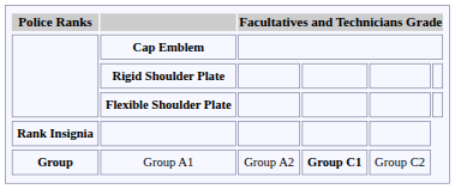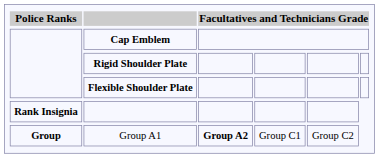 <table style="border:1px solid #8888aa; background-color:#f7f8ff; padding:5px; font-size:95%; margin:0px 12px 12px 0px;">
 <tr>
 </tr>
 <tr bgcolor="#CCCCCC">
 <th><strong>Police Ranks</strong></th>
 <th colspan=1></th>
 <th colspan=4>Facultatives and Technicians Grade</th>
 </tr>
 <tr>
 </tr>
 <tr>
 <td align="center" rowspan=5 style="border:1px solid #8888aa; background-color:#f7f8ff; padding:5px; font-size:95%; margin:0px 12px 12px 0px;"><strong></strong></td>
 <td align="center" colspan=1 style="border:1px solid #8888aa; background-color:#f7f8ff; padding:5px; font-size:95%; margin:0px 12px 12px 0px;"><strong>Cap Emblem</strong></td>
 <td align="center" colspan=4 style="border:1px solid #8888aa; background-color:#f7f8ff; padding:5px; font-size:95%; margin:0px 12px 12px 0px;"></td>
 </tr>
 <tr rowspan="2">
 </tr>
 <tr align="center">
 <td align="center" colspan=1 style="border:1px solid #8888aa; background-color:#f7f8ff; padding:5px; font-size:95%; margin:0px 12px 12px 0px;"><strong>Rigid Shoulder Plate</strong></td>
 <td align="center" colspan=1 style="border:1px solid #8888aa; background-color:#f7f8ff; padding:5px; font-size:95%; margin:0px 12px 12px 0px;"></td>
 <td align="center" colspan=1 style="border:1px solid #8888aa; background-color:#f7f8ff; padding:5px; font-size:95%; margin:0px 12px 12px 0px;"></td>
 <td align="center" colspan=1 style="border:1px solid #8888aa; background-color:#f7f8ff; padding:5px; font-size:95%; margin:0px 12px 12px 0px;"></td>
 <td align="center" colspan=1 style="border:1px solid #8888aa; background-color:#f7f8ff; padding:5px; font-size:95%; margin:0px 12px 12px 0px;"></td>
 </tr>
 <tr rowspan="2">
 </tr>
 <tr align="center">
 <td align="center" colspan=1 style="border:1px solid #8888aa; background-color:#f7f8ff; padding:5px; font-size:95%; margin:0px 12px 12px 0px;"><strong>Flexible Shoulder Plate</strong></td>
 <td align="center" colspan=1 style="border:1px solid #8888aa; background-color:#f7f8ff; padding:5px; font-size:95%; margin:0px 12px 12px 0px;"></td>
 <td align="center" colspan=1 style="border:1px solid #8888aa; background-color:#f7f8ff; padding:5px; font-size:95%; margin:0px 12px 12px 0px;"></td>
 <td align="center" colspan=1 style="border:1px solid #8888aa; background-color:#f7f8ff; padding:5px; font-size:95%; margin:0px 12px 12px 0px;"></td>
 <td align="center" colspan=1 style="border:1px solid #8888aa; background-color:#f7f8ff; padding:5px; font-size:95%; margin:0px 12px 12px 0px;"></td>
 </tr>
 <tr rowspan="2">
 </tr>
 <tr align="center">
 <td align="center" colspan=1 style="border:1px solid #8888aa; background-color:#f7f8ff; padding:5px; font-size:95%; margin:0px 12px 12px 0px;"><strong>Rank Insignia</strong></td>
 <td align="center" colspan=1 style="border:1px solid #8888aa; background-color:#f7f8ff; padding:5px; font-size:95%; margin:0px 12px 12px 0px;"></td>
 <td align="center" colspan=1 style="border:1px solid #8888aa; background-color:#f7f8ff; padding:5px; font-size:95%; margin:0px 12px 12px 0px;"></td>
 <td align="center" colspan=1 style="border:1px solid #8888aa; background-color:#f7f8ff; padding:5px; font-size:95%; margin:0px 12px 12px 0px;"></td>
 <td align="center" colspan=1 style="border:1px solid #8888aa; background-color:#f7f8ff; padding:5px; font-size:95%; margin:0px 12px 12px 0px;"></td>
 </tr>
 <tr rowspan="2">
 </tr>
 <tr align="center">
 <td align="center" colspan=1 style="border:1px solid #8888aa; background-color:#f7f8ff; padding:5px; font-size:95%; margin:0px 12px 12px 0px;"><strong>Group</strong></td>
 <td align="center" colspan=1 style="border:1px solid #8888aa; background-color:#f7f8ff; padding:5px; font-size:95%; margin:0px 12px 12px 0px;">Group A1</td>
-<td align="center" colspan=1 style="border:1px solid #8888aa; background-color:#f7f8ff; padding:5px; font-size:95%; margin:0px 12px 12px 0px;">Group A2</td>
-<td align="center" colspan=1 style="border:1px solid #8888aa; background-color:#f7f8ff; padding:5px; font-size:95%; margin:0px 12px 12px 0px;"><strong>Group C1</strong></td>
+<td align="center" colspan=1 style="border:1px solid #8888aa; background-color:#f7f8ff; padding:5px; font-size:95%; margin:0px 12px 12px 0px;"><strong>Group A2</strong></td>
+<td align="center" colspan=1 style="border:1px solid #8888aa; background-color:#f7f8ff; padding:5px; font-size:95%; margin:0px 12px 12px 0px;">Group C1</td>
 <td align="center" colspan=1 style="border:1px solid #8888aa; background-color:#f7f8ff; padding:5px; font-size:95%; margin:0px 12px 12px 0px;">Group C2</td>
 </tr>
 <tr>
 </tr>
 </table>
